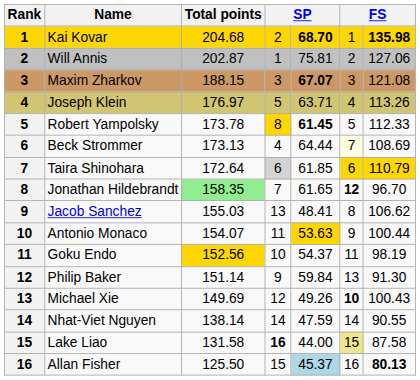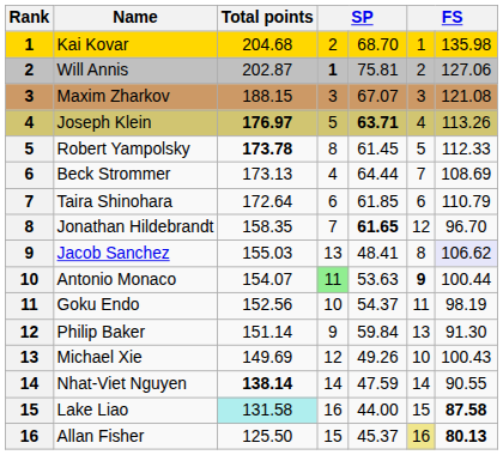 <table class="wikitable sortable">
 <tr>
 <th>Rank</th>
 <th>Name</th>
 <th>Total points</th>
 <th colspan="2" width="80px"><a href='#'>SP</a></th>
 <th colspan="2" width="80px"><a href='#'>FS</a></th>
 </tr>
 <tr bgcolor="gold">
 <td align="center"><strong>1</strong></td>
 <td>Kai Kovar</td>
 <td align="center">204.68</td>
 <td align="center">2</td>
-<td align="center"><strong>68.70</strong></td>
+<td align="center">68.70</td>
 <td align="center">1</td>
-<td align="center"><strong>135.98</strong></td>
+<td align="center">135.98</td>
 </tr>
 <tr bgcolor="silver">
 <td align="center"><strong>2</strong></td>
 <td>Will Annis</td>
 <td align="center">202.87</td>
-<td align="center">1</td>
+<td align="center"><strong>1</strong></td>
 <td align="center">75.81</td>
 <td align="center">2</td>
 <td align="center">127.06</td>
 </tr>
 <tr bgcolor="cc9966">
 <td align="center"><strong>3</strong></td>
 <td>Maxim Zharkov</td>
 <td align="center">188.15</td>
 <td align="center">3</td>
-<td align="center"><strong>67.07</strong></td>
+<td align="center">67.07</td>
 <td align="center">3</td>
 <td align="center">121.08</td>
 </tr>
 <tr bgcolor="#d1c571">
 <td align="center"><strong>4</strong></td>
 <td>Joseph Klein</td>
-<td align="center">176.97</td>
+<td align="center"><strong>176.97</strong></td>
 <td align="center">5</td>
-<td align="center">63.71</td>
+<td align="center"><strong>63.71</strong></td>
 <td align="center">4</td>
 <td align="center">113.26</td>
 </tr>
 <tr>
 <th>5</th>
 <td>Robert Yampolsky</td>
-<td align="center">173.78</td>
-<td align="center" style="background: gold;">8</td>
-<td align="center"><strong>61.45</strong></td>
+<td align="center"><strong>173.78</strong></td>
+<td align="center">8</td>
+<td align="center">61.45</td>
 <td align="center">5</td>
 <td align="center">112.33</td>
 </tr>
 <tr>
 <th>6</th>
 <td>Beck Strommer</td>
 <td align="center">173.13</td>
 <td align="center">4</td>
 <td align="center">64.44</td>
-<td align="center" style="background: lightyellow;">7</td>
+<td align="center">7</td>
 <td align="center">108.69</td>
 </tr>
 <tr>
 <th>7</th>
 <td>Taira Shinohara</td>
 <td align="center">172.64</td>
-<td align="center" style="background: lightgrey;">6</td>
+<td align="center">6</td>
 <td align="center">61.85</td>
-<td align="center" style="background: gold;">6</td>
-<td align="center" style="background: gold;">110.79</td>
+<td align="center">6</td>
+<td align="center">110.79</td>
 </tr>
 <tr>
 <th>8</th>
 <td>Jonathan Hildebrandt</td>
-<td align="center" style="background: lightgreen;">158.35</td>
+<td align="center">158.35</td>
 <td align="center">7</td>
-<td align="center">61.65</td>
-<td align="center"><strong>12</strong></td>
+<td align="center"><strong>61.65</strong></td>
+<td align="center">12</td>
 <td align="center">96.70</td>
 </tr>
 <tr>
 <th>9</th>
 <td><a href='#'>Jacob Sanchez</a></td>
 <td align="center">155.03</td>
 <td align="center">13</td>
 <td align="center">48.41</td>
 <td align="center">8</td>
-<td align="center">106.62</td>
+<td align="center" style="background: lavender;">106.62</td>
 </tr>
 <tr>
 <th>10</th>
 <td>Antonio Monaco</td>
 <td align="center">154.07</td>
-<td align="center">11</td>
-<td align="center" style="background: gold;">53.63</td>
-<td align="center">9</td>
+<td align="center" style="background: lightgreen;">11</td>
+<td align="center">53.63</td>
+<td align="center"><strong>9</strong></td>
 <td align="center">100.44</td>
 </tr>
 <tr>
 <th>11</th>
 <td>Goku Endo</td>
-<td align="center" style="background: gold;">152.56</td>
+<td align="center">152.56</td>
 <td align="center">10</td>
 <td align="center">54.37</td>
 <td align="center">11</td>
 <td align="center">98.19</td>
 </tr>
 <tr>
 <th>12</th>
 <td>Philip Baker</td>
 <td align="center">151.14</td>
 <td align="center">9</td>
 <td align="center">59.84</td>
 <td align="center">13</td>
 <td align="center">91.30</td>
 </tr>
 <tr>
 <th>13</th>
 <td>Michael Xie</td>
 <td align="center">149.69</td>
 <td align="center">12</td>
 <td align="center">49.26</td>
-<td align="center"><strong>10</strong></td>
+<td align="center">10</td>
 <td align="center">100.43</td>
 </tr>
 <tr>
 <th>14</th>
 <td>Nhat-Viet Nguyen</td>
-<td align="center">138.14</td>
+<td align="center"><strong>138.14</strong></td>
 <td align="center">14</td>
 <td align="center">47.59</td>
 <td align="center">14</td>
 <td align="center">90.55</td>
 </tr>
 <tr>
 <th>15</th>
 <td>Lake Liao</td>
-<td align="center">131.58</td>
-<td align="center"><strong>16</strong></td>
+<td align="center" style="background: paleturquoise;">131.58</td>
+<td align="center">16</td>
 <td align="center">44.00</td>
-<td align="center" style="background: khaki;">15</td>
-<td align="center">87.58</td>
+<td align="center">15</td>
+<td align="center"><strong>87.58</strong></td>
 </tr>
 <tr>
 <th>16</th>
 <td>Allan Fisher</td>
 <td align="center">125.50</td>
 <td align="center">15</td>
-<td align="center" style="background: lightblue;">45.37</td>
-<td align="center">16</td>
+<td align="center">45.37</td>
+<td align="center" style="background: khaki;">16</td>
 <td align="center"><strong>80.13</strong></td>
 </tr>
 </table>
